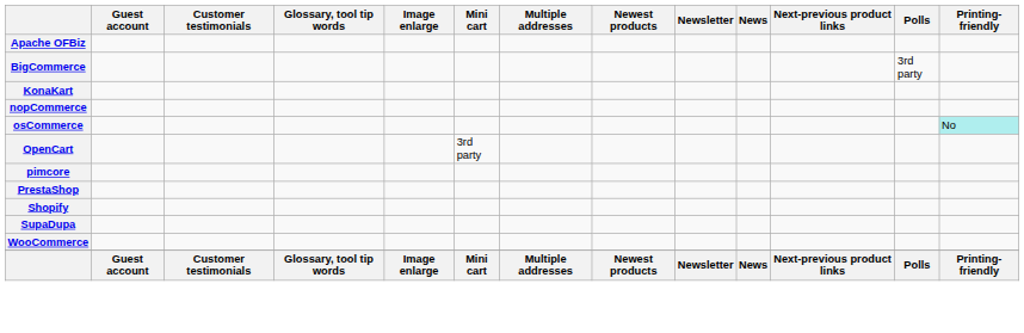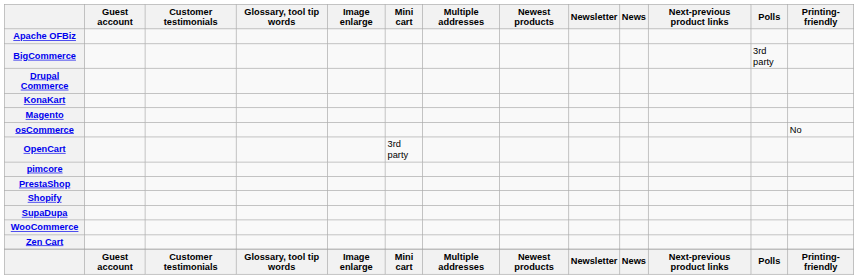 <table class="wikitable sortable" style="font-size:85%;">
 <tr>
 <th scope="row"></th>
 <th>Guest account</th>
 <th>Customer testimonials</th>
 <th>Glossary, tool tip words</th>
 <th>Image enlarge</th>
 <th>Mini cart</th>
 <th>Multiple addresses</th>
 <th>Newest products</th>
 <th>Newsletter</th>
 <th>News</th>
 <th>Next-previous product links</th>
 <th>Polls</th>
 <th>Printing-friendly</th>
 </tr>
 <tr>
 <th scope="row"><a href='#'>Apache OFBiz</a></th>
 <td></td>
 <td></td>
 <td></td>
 <td></td>
 <td></td>
 <td></td>
 <td></td>
 <td></td>
 <td></td>
 <td></td>
 <td></td>
 <td></td>
 </tr>
 <tr>
 <th scope="row"><a href='#'>BigCommerce</a></th>
 <td></td>
 <td></td>
 <td></td>
 <td></td>
 <td></td>
 <td></td>
 <td></td>
 <td></td>
 <td></td>
 <td></td>
 <td>3rd party</td>
 <td></td>
 </tr>
 <tr>
+<th scope="row"><a href='#'>Drupal Commerce</a></th>
+<td></td>
+<td></td>
+<td></td>
+<td></td>
+<td></td>
+<td></td>
+<td></td>
+<td></td>
+<td></td>
+<td></td>
+<td></td>
+<td></td>
+</tr>
+<tr>
 <th scope="row"><a href='#'>KonaKart</a></th>
 <td></td>
 <td></td>
 <td></td>
 <td></td>
 <td></td>
 <td></td>
 <td></td>
 <td></td>
 <td></td>
 <td></td>
 <td></td>
 <td></td>
 </tr>
 <tr>
-<th scope="row"><a href='#'>nopCommerce</a></th>
+<th scope="row"><a href='#'>Magento</a></th>
 <td></td>
 <td></td>
 <td></td>
 <td></td>
 <td></td>
 <td></td>
 <td></td>
 <td></td>
 <td></td>
 <td></td>
 <td></td>
 <td></td>
 </tr>
 <tr>
 <th scope="row"><a href='#'>osCommerce</a></th>
 <td></td>
 <td></td>
 <td></td>
 <td></td>
 <td></td>
 <td></td>
 <td></td>
 <td></td>
 <td></td>
 <td></td>
 <td></td>
-<td style="background: paleturquoise;">No</td>
+<td>No</td>
 </tr>
 <tr>
 <th scope="row"><a href='#'>OpenCart</a></th>
 <td></td>
 <td></td>
 <td></td>
 <td></td>
 <td>3rd party</td>
 <td></td>
 <td></td>
 <td></td>
 <td></td>
 <td></td>
 <td></td>
 <td></td>
 </tr>
 <tr>
 <th scope="row"><a href='#'>pimcore</a></th>
 <td></td>
 <td></td>
 <td></td>
 <td></td>
 <td></td>
 <td></td>
 <td></td>
 <td></td>
 <td></td>
 <td></td>
 <td></td>
 <td></td>
 </tr>
 <tr>
 <th scope="row"><a href='#'>PrestaShop</a></th>
 <td></td>
 <td></td>
 <td></td>
 <td></td>
 <td></td>
 <td></td>
 <td></td>
 <td></td>
 <td></td>
 <td></td>
 <td></td>
 <td></td>
 </tr>
 <tr>
 <th scope="row"><a href='#'>Shopify</a></th>
 <td></td>
 <td></td>
 <td></td>
 <td></td>
 <td></td>
 <td></td>
 <td></td>
 <td></td>
 <td></td>
 <td></td>
 <td></td>
 <td></td>
 </tr>
 <tr>
 <th scope="row"><a href='#'>SupaDupa</a></th>
 <td></td>
 <td></td>
 <td></td>
 <td></td>
 <td></td>
 <td></td>
 <td></td>
 <td></td>
 <td></td>
 <td></td>
 <td></td>
 <td></td>
 </tr>
 <tr>
 <th scope="row"><a href='#'>WooCommerce</a></th>
 <td></td>
 <td></td>
 <td></td>
 <td></td>
 <td></td>
 <td></td>
 <td></td>
 <td></td>
 <td></td>
 <td></td>
 <td></td>
 <td></td>
 </tr>
+<tr>
+<th scope="row"><a href='#'>Zen Cart</a></th>
+<td></td>
+<td></td>
+<td></td>
+<td></td>
+<td></td>
+<td></td>
+<td></td>
+<td></td>
+<td></td>
+<td></td>
+<td></td>
+<td></td>
+</tr>
 <tr class="sortbottom">
 </tr>
 <tr>
 <th></th>
 <th>Guest account</th>
 <th>Customer testimonials</th>
 <th>Glossary, tool tip words</th>
 <th>Image enlarge</th>
 <th>Mini cart</th>
 <th>Multiple addresses</th>
 <th>Newest products</th>
 <th>Newsletter</th>
 <th>News</th>
 <th>Next-previous product links</th>
 <th>Polls</th>
 <th>Printing-friendly</th>
 </tr>
 </table>
